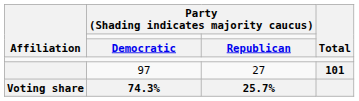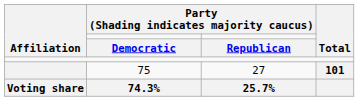 <table class=wikitable style="text-align:center">
 <tr style="vertical-align:bottom;">
 <th rowspan=3>Affiliation</th>
 <th colspan=2>Party <div>(Shading indicates majority caucus)</div></th>
 <th rowspan=3>Total</th>
 </tr>
 <tr style="height:5px">
 <td style="background-color:"></td>
 <td style="background-color:"></td>
 </tr>
 <tr>
 <th><a href='#'>Democratic</a></th>
 <th><a href='#'>Republican</a></th>
 </tr>
 <tr>
 <td colspan=5></td>
 </tr>
 <tr>
 <th nowrap style="font-size:80%"></th>
-<td>97</td>
+<td>75</td>
 <td>27</td>
 <th>101</th>
 </tr>
 <tr>
 <th>Voting share</th>
 <th>74.3%</th>
 <th>25.7%</th>
 <th colspan=2></th>
 </tr>
 </table>
